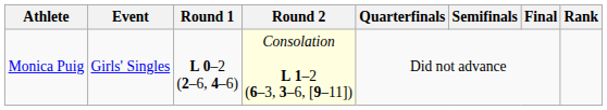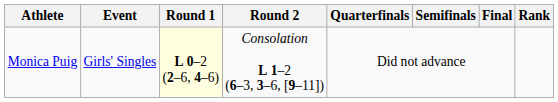 <table class=wikitable style="font-size:90%">
 <tr>
 <th>Athlete</th>
 <th>Event</th>
 <th>Round 1</th>
 <th>Round 2</th>
 <th>Quarterfinals</th>
 <th>Semifinals</th>
 <th>Final</th>
 <th>Rank</th>
 </tr>
 <tr>
 <td><a href='#'>Monica Puig</a></td>
 <td><a href='#'>Girls' Singles</a></td>
-<td align=center><br><strong>L</strong> <strong>0</strong>–2<br> (<strong>2</strong>–6, <strong>4</strong>–6)</td>
-<td align=center style="background: lightyellow;"><em>Consolation</em><br><br><strong>L</strong> <strong>1</strong>–2<br> (<strong>6</strong>–3, <strong>3</strong>–6, [<strong>9</strong>–11])</td>
+<td align=center style="background: lightyellow;"><br><strong>L</strong> <strong>0</strong>–2<br> (<strong>2</strong>–6, <strong>4</strong>–6)</td>
+<td align=center><em>Consolation</em><br><br><strong>L</strong> <strong>1</strong>–2<br> (<strong>6</strong>–3, <strong>3</strong>–6, [<strong>9</strong>–11])</td>
 <td colspan=3 align=center>Did not advance</td>
 <td align=center></td>
 </tr>
 </table>
